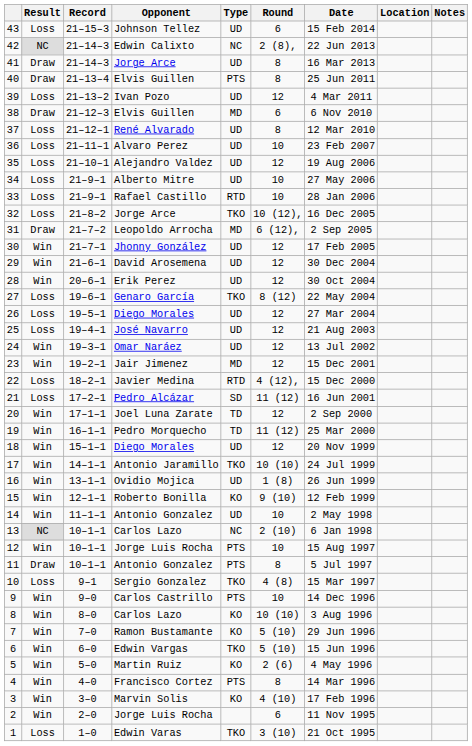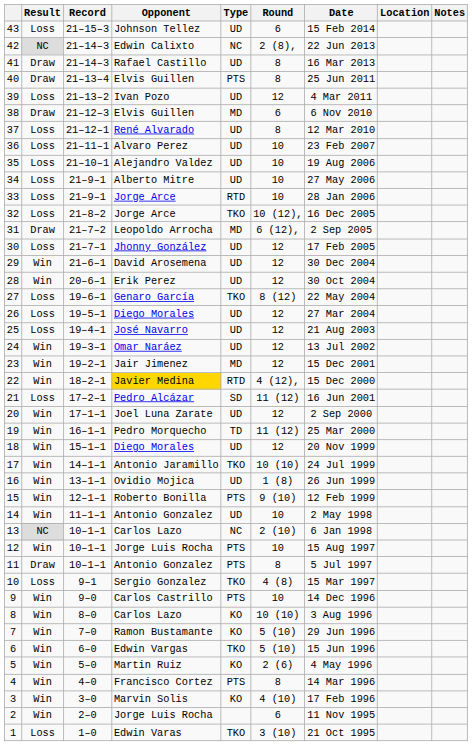 <table class="wikitable" style="text-align:center">
 <tr>
 <th></th>
 <th>Result</th>
 <th>Record</th>
 <th>Opponent</th>
 <th>Type</th>
 <th>Round</th>
 <th>Date</th>
 <th>Location</th>
 <th>Notes</th>
 </tr>
 <tr>
 <td>43</td>
 <td>Loss</td>
 <td>21–15–3 </td>
 <td align=left>Johnson Tellez</td>
 <td>UD</td>
 <td>6</td>
 <td>15 Feb 2014</td>
 <td align=left></td>
 <td align=left></td>
 </tr>
 <tr>
 <td>42</td>
 <td style="background:#DDD">NC</td>
 <td>21–14–3 </td>
 <td align=left>Edwin Calixto</td>
 <td>NC</td>
 <td>2 (8), </td>
 <td>22 Jun 2013</td>
 <td align=left></td>
 <td align=left></td>
 </tr>
 <tr>
 <td>41</td>
 <td>Draw</td>
 <td>21–14–3 </td>
-<td align=left><a href='#'>Jorge Arce</a></td>
+<td align=left>Rafael Castillo</td>
 <td>UD</td>
 <td>8</td>
 <td>16 Mar 2013</td>
 <td align=left></td>
 <td align=left></td>
 </tr>
 <tr>
 <td>40</td>
 <td>Draw</td>
 <td>21–13–4 </td>
 <td align=left>Elvis Guillen</td>
 <td>PTS</td>
 <td>8</td>
 <td>25 Jun 2011</td>
 <td align=left></td>
 <td align=left></td>
 </tr>
 <tr>
 <td>39</td>
 <td>Loss</td>
 <td>21–13–2 </td>
 <td align=left>Ivan Pozo</td>
 <td>UD</td>
 <td>12</td>
 <td>4 Mar 2011</td>
 <td align=left></td>
 <td align=left></td>
 </tr>
 <tr>
 <td>38</td>
 <td>Draw</td>
 <td>21–12–3 </td>
 <td align=left>Elvis Guillen</td>
 <td>MD</td>
 <td>6</td>
 <td>6 Nov 2010</td>
 <td align=left></td>
 <td align=left></td>
 </tr>
 <tr>
 <td>37</td>
 <td>Loss</td>
 <td>21–12–1 </td>
 <td align=left><a href='#'>René Alvarado</a></td>
 <td>UD</td>
 <td>8</td>
 <td>12 Mar 2010</td>
 <td align=left></td>
 <td align=left></td>
 </tr>
 <tr>
 <td>36</td>
 <td>Loss</td>
 <td>21–11–1 </td>
 <td align=left>Alvaro Perez</td>
 <td>UD</td>
 <td>10</td>
 <td>23 Feb 2007</td>
 <td align=left></td>
 <td align=left></td>
 </tr>
 <tr>
 <td>35</td>
 <td>Loss</td>
 <td>21–10–1 </td>
 <td align=left>Alejandro Valdez</td>
 <td>UD</td>
-<td>12</td>
+<td>10</td>
 <td>19 Aug 2006</td>
 <td align=left></td>
 <td align=left></td>
 </tr>
 <tr>
 <td>34</td>
 <td>Loss</td>
 <td>21–9–1 </td>
 <td align=left>Alberto Mitre</td>
 <td>UD</td>
 <td>10</td>
 <td>27 May 2006</td>
 <td align=left></td>
 <td align=left></td>
 </tr>
 <tr>
 <td>33</td>
 <td>Loss</td>
 <td>21–9–1 </td>
-<td align=left>Rafael Castillo</td>
+<td align=left><a href='#'>Jorge Arce</a></td>
 <td>RTD</td>
 <td>10</td>
 <td>28 Jan 2006</td>
 <td align=left></td>
 <td align=left></td>
 </tr>
 <tr>
 <td>32</td>
 <td>Loss</td>
 <td>21–8–2 </td>
 <td align=left>Jorge Arce</td>
 <td>TKO</td>
 <td>10 (12), </td>
 <td>16 Dec 2005</td>
 <td align=left></td>
 <td align=left></td>
 </tr>
 <tr>
 <td>31</td>
 <td>Draw</td>
 <td>21–7–2 </td>
 <td align=left>Leopoldo Arrocha</td>
 <td>MD</td>
 <td>6 (12), </td>
 <td>2 Sep 2005</td>
 <td align=left></td>
 <td align=left></td>
 </tr>
 <tr>
 <td>30</td>
-<td>Win</td>
+<td>Loss</td>
 <td>21–7–1 </td>
 <td align=left><a href='#'>Jhonny González</a></td>
 <td>UD</td>
 <td>12</td>
 <td>17 Feb 2005</td>
 <td align=left></td>
 <td align=left></td>
 </tr>
 <tr>
 <td>29</td>
 <td>Win</td>
 <td>21–6–1 </td>
 <td align=left>David Arosemena</td>
 <td>UD</td>
 <td>12</td>
 <td>30 Dec 2004</td>
 <td align=left></td>
 <td align=left></td>
 </tr>
 <tr>
 <td>28</td>
 <td>Win</td>
 <td>20–6–1 </td>
 <td align=left>Erik Perez</td>
 <td>UD</td>
 <td>12</td>
 <td>30 Oct 2004</td>
 <td align=left></td>
 <td align=left></td>
 </tr>
 <tr>
 <td>27</td>
 <td>Loss</td>
 <td>19–6–1 </td>
 <td align=left><a href='#'>Genaro García</a></td>
 <td>TKO</td>
 <td>8 (12)</td>
 <td>22 May 2004</td>
 <td align=left></td>
 <td align=left></td>
 </tr>
 <tr>
 <td>26</td>
 <td>Loss</td>
 <td>19–5–1 </td>
 <td align=left><a href='#'>Diego Morales</a></td>
 <td>UD</td>
 <td>12</td>
 <td>27 Mar 2004</td>
 <td align=left></td>
 <td align=left></td>
 </tr>
 <tr>
 <td>25</td>
 <td>Loss</td>
 <td>19–4–1 </td>
 <td align=left><a href='#'>José Navarro</a></td>
 <td>UD</td>
 <td>12</td>
 <td>21 Aug 2003</td>
 <td align=left></td>
 <td align=left></td>
 </tr>
 <tr>
 <td>24</td>
 <td>Win</td>
 <td>19–3–1 </td>
 <td align=left><a href='#'>Omar Naráez</a></td>
 <td>UD</td>
 <td>12</td>
 <td>13 Jul 2002</td>
 <td align=left></td>
 <td align=left></td>
 </tr>
 <tr>
 <td>23</td>
 <td>Win</td>
 <td>19–2–1 </td>
 <td align=left>Jair Jimenez</td>
 <td>MD</td>
 <td>12</td>
 <td>15 Dec 2001</td>
 <td align=left></td>
 <td align=left></td>
 </tr>
 <tr>
 <td>22</td>
-<td>Loss</td>
+<td>Win</td>
 <td>18–2–1 </td>
-<td align=left>Javier Medina</td>
+<td align=left style="background: gold;">Javier Medina</td>
 <td>RTD</td>
 <td>4 (12), </td>
 <td>15 Dec 2000</td>
 <td align=left></td>
 <td align=left></td>
 </tr>
 <tr>
 <td>21</td>
 <td>Loss</td>
 <td>17–2–1 </td>
 <td align=left><a href='#'>Pedro Alcázar</a></td>
 <td>SD</td>
 <td>11 (12)</td>
 <td>16 Jun 2001</td>
 <td align=left></td>
 <td align=left></td>
 </tr>
 <tr>
 <td>20</td>
 <td>Win</td>
 <td>17–1–1 </td>
 <td align=left>Joel Luna Zarate</td>
-<td>TD</td>
+<td>UD</td>
 <td>12</td>
 <td>2 Sep 2000</td>
 <td align=left></td>
 <td align=left></td>
 </tr>
 <tr>
 <td>19</td>
 <td>Win</td>
 <td>16–1–1 </td>
 <td align=left>Pedro Morquecho</td>
 <td>TD</td>
 <td>11 (12)</td>
 <td>25 Mar 2000</td>
 <td align=left></td>
 <td align=left></td>
 </tr>
 <tr>
 <td>18</td>
 <td>Win</td>
 <td>15–1–1 </td>
 <td align=left><a href='#'>Diego Morales</a></td>
 <td>UD</td>
 <td>12</td>
 <td>20 Nov 1999</td>
 <td align=left></td>
 <td align=left></td>
 </tr>
 <tr>
 <td>17</td>
 <td>Win</td>
 <td>14–1–1 </td>
 <td align=left>Antonio Jaramillo</td>
 <td>TKO</td>
 <td>10 (10)</td>
 <td>24 Jul 1999</td>
 <td align=left></td>
 <td align=left></td>
 </tr>
 <tr>
 <td>16</td>
 <td>Win</td>
 <td>13–1–1 </td>
 <td align=left>Ovidio Mojica</td>
 <td>UD</td>
 <td>1 (8)</td>
 <td>26 Jun 1999</td>
 <td align=left></td>
 <td align=left></td>
 </tr>
 <tr>
 <td>15</td>
 <td>Win</td>
 <td>12–1–1 </td>
 <td align=left>Roberto Bonilla</td>
-<td>KO</td>
+<td>PTS</td>
 <td>9 (10)</td>
 <td>12 Feb 1999</td>
 <td align=left></td>
 <td align=left></td>
 </tr>
 <tr>
 <td>14</td>
 <td>Win</td>
 <td>11–1–1 </td>
 <td align=left>Antonio Gonzalez</td>
 <td>UD</td>
 <td>10</td>
 <td>2 May 1998</td>
 <td align=left></td>
 <td align=left></td>
 </tr>
 <tr>
 <td>13</td>
 <td style="background:#DDD">NC</td>
 <td>10–1–1 </td>
 <td align=left>Carlos Lazo</td>
 <td>NC</td>
 <td>2 (10)</td>
 <td>6 Jan 1998</td>
 <td align=left></td>
 <td align=left></td>
 </tr>
 <tr>
 <td>12</td>
 <td>Win</td>
 <td>10–1–1</td>
 <td align=left>Jorge Luis Rocha</td>
 <td>PTS</td>
 <td>10</td>
 <td>15 Aug 1997</td>
 <td align=left></td>
 <td align=left></td>
 </tr>
 <tr>
 <td>11</td>
 <td>Draw</td>
 <td>10–1–1</td>
 <td align=left>Antonio Gonzalez</td>
 <td>PTS</td>
 <td>8</td>
 <td>5 Jul 1997</td>
 <td align=left></td>
 <td align=left></td>
 </tr>
 <tr>
 <td>10</td>
 <td>Loss</td>
 <td>9–1</td>
 <td align=left>Sergio Gonzalez</td>
 <td>TKO</td>
 <td>4 (8)</td>
 <td>15 Mar 1997</td>
 <td align=left></td>
 <td align=left></td>
 </tr>
 <tr>
 <td>9</td>
 <td>Win</td>
 <td>9–0</td>
 <td align=left>Carlos Castrillo</td>
 <td>PTS</td>
 <td>10</td>
 <td>14 Dec 1996</td>
 <td align=left></td>
 <td align=left></td>
 </tr>
 <tr>
 <td>8</td>
 <td>Win</td>
 <td>8–0</td>
 <td align=left>Carlos Lazo</td>
 <td>KO</td>
 <td>10 (10)</td>
 <td>3 Aug 1996</td>
 <td align=left></td>
 <td align=left></td>
 </tr>
 <tr>
 <td>7</td>
 <td>Win</td>
 <td>7–0</td>
 <td align=left>Ramon Bustamante</td>
 <td>KO</td>
 <td>5 (10)</td>
 <td>29 Jun 1996</td>
 <td align=left></td>
 <td align=left></td>
 </tr>
 <tr>
 <td>6</td>
 <td>Win</td>
 <td>6–0</td>
 <td align=left>Edwin Vargas</td>
 <td>TKO</td>
 <td>5 (10)</td>
 <td>15 Jun 1996</td>
 <td align=left></td>
 <td align=left></td>
 </tr>
 <tr>
 <td>5</td>
 <td>Win</td>
 <td>5–0</td>
 <td align=left>Martin Ruiz</td>
 <td>KO</td>
 <td>2 (6)</td>
 <td>4 May 1996</td>
 <td align=left></td>
 <td align=left></td>
 </tr>
 <tr>
 <td>4</td>
 <td>Win</td>
 <td>4–0</td>
 <td align=left>Francisco Cortez</td>
 <td>PTS</td>
 <td>8</td>
 <td>14 Mar 1996</td>
 <td align=left></td>
 <td align=left></td>
 </tr>
 <tr>
 <td>3</td>
 <td>Win</td>
 <td>3–0</td>
 <td align=left>Marvin Solis</td>
 <td>KO</td>
 <td>4 (10)</td>
 <td>17 Feb 1996</td>
 <td align=left></td>
 <td align=left></td>
 </tr>
 <tr>
 <td>2</td>
 <td>Win</td>
 <td>2–0</td>
 <td align=left>Jorge Luis Rocha</td>
 <td></td>
 <td>6</td>
 <td>11 Nov 1995</td>
 <td align=left></td>
 <td align=left></td>
 </tr>
 <tr>
 <td>1</td>
 <td>Loss</td>
 <td>1–0</td>
 <td align=left>Edwin Varas</td>
 <td>TKO</td>
 <td>3 (10)</td>
 <td>21 Oct 1995</td>
 <td align=left></td>
 <td align=left></td>
 </tr>
 </table>
